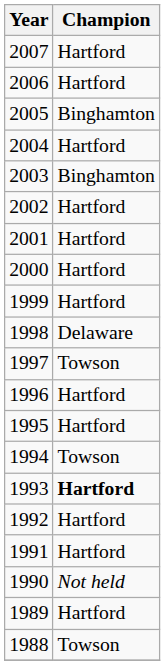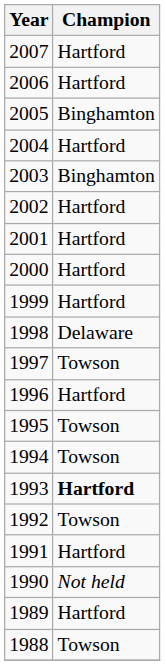 <table class="wikitable sortable">
 <tr>
 <th>Year</th>
 <th>Champion</th>
 </tr>
 <tr>
 <td>2007</td>
 <td>Hartford</td>
 </tr>
 <tr>
 <td>2006</td>
 <td>Hartford</td>
 </tr>
 <tr>
 <td>2005</td>
 <td>Binghamton</td>
 </tr>
 <tr>
 <td>2004</td>
 <td>Hartford</td>
 </tr>
 <tr>
 <td>2003</td>
 <td>Binghamton</td>
 </tr>
 <tr>
 <td>2002</td>
 <td>Hartford</td>
 </tr>
 <tr>
 <td>2001</td>
 <td>Hartford</td>
 </tr>
 <tr>
 <td>2000</td>
 <td>Hartford</td>
 </tr>
 <tr>
 <td>1999</td>
 <td>Hartford</td>
 </tr>
 <tr>
 <td>1998</td>
 <td>Delaware</td>
 </tr>
 <tr>
 <td>1997</td>
 <td>Towson</td>
 </tr>
 <tr>
 <td>1996</td>
 <td>Hartford</td>
 </tr>
 <tr>
 <td>1995</td>
-<td>Hartford</td>
+<td>Towson</td>
 </tr>
 <tr>
 <td>1994</td>
 <td>Towson</td>
 </tr>
 <tr>
 <td>1993</td>
 <td><strong>Hartford</strong></td>
 </tr>
 <tr>
 <td>1992</td>
-<td>Hartford</td>
+<td>Towson</td>
 </tr>
 <tr>
 <td>1991</td>
 <td>Hartford</td>
 </tr>
 <tr>
 <td>1990</td>
 <td><em>Not held</em></td>
 </tr>
 <tr>
 <td>1989</td>
 <td>Hartford</td>
 </tr>
 <tr>
 <td>1988</td>
 <td>Towson</td>
 </tr>
 <tr>
 </tr>
 </table>
